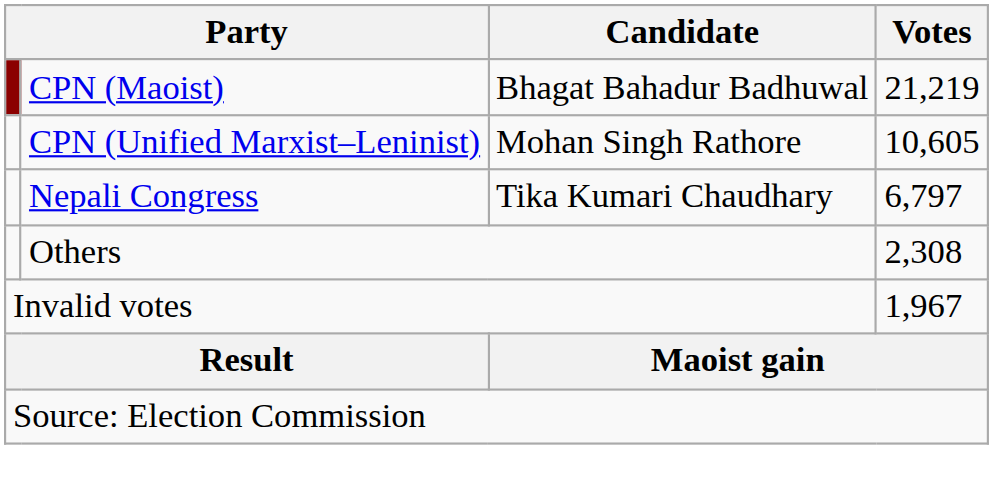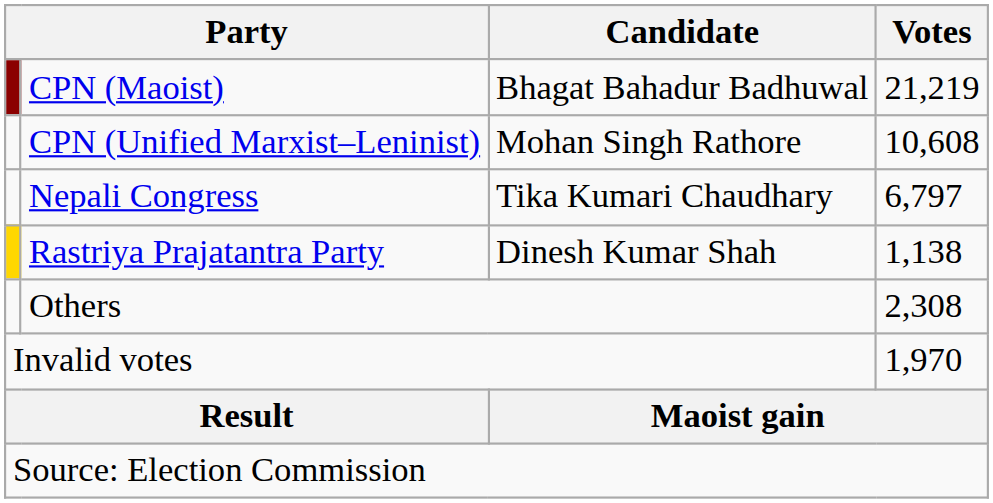 <table class="wikitable">
 <tr>
 <th colspan="2">Party</th>
 <th>Candidate</th>
 <th>Votes</th>
 </tr>
 <tr>
 <td style="background-color:darkred"></td>
 <td><a href='#'>CPN (Maoist)</a></td>
 <td>Bhagat Bahadur Badhuwal</td>
 <td>21,219</td>
 </tr>
 <tr>
 <td style="background-color:"></td>
 <td><a href='#'>CPN (Unified Marxist–Leninist)</a></td>
 <td>Mohan Singh Rathore</td>
-<td>10,605</td>
+<td>10,608</td>
 </tr>
 <tr>
 <td style="background-color:"></td>
 <td><a href='#'>Nepali Congress</a></td>
 <td>Tika Kumari Chaudhary</td>
 <td>6,797</td>
 </tr>
 <tr>
+<td style="background-color:gold"></td>
+<td><a href='#'>Rastriya Prajatantra Party</a></td>
+<td>Dinesh Kumar Shah</td>
+<td>1,138</td>
+</tr>
+<tr>
 <td></td>
 <td colspan="2">Others</td>
 <td>2,308</td>
 </tr>
 <tr>
 <td colspan="3">Invalid votes</td>
-<td>1,967</td>
+<td>1,970</td>
 </tr>
 <tr>
 <th colspan="2">Result</th>
 <th colspan="2">Maoist gain</th>
 </tr>
 <tr>
 <td colspan="4">Source: Election Commission</td>
 </tr>
 </table>
